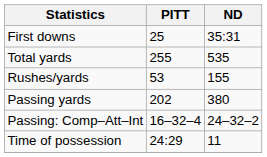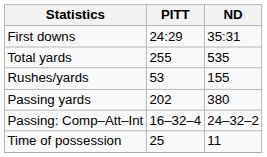 <table class="wikitable" style="float: left;">
 <tr>
 <th>Statistics</th>
 <th>PITT</th>
 <th>ND</th>
 </tr>
 <tr>
 <td>First downs</td>
-<td>25</td>
+<td>24:29</td>
 <td>35:31</td>
 </tr>
 <tr>
 <td>Total yards</td>
 <td>255</td>
 <td>535</td>
 </tr>
 <tr>
 <td>Rushes/yards</td>
 <td>53</td>
 <td>155</td>
 </tr>
 <tr>
 <td>Passing yards</td>
 <td>202</td>
 <td>380</td>
 </tr>
 <tr>
 <td>Passing: Comp–Att–Int</td>
 <td>16–32–4</td>
 <td>24–32–2</td>
 </tr>
 <tr>
 <td>Time of possession</td>
-<td>24:29</td>
+<td>25</td>
 <td>11</td>
 </tr>
 <tr>
 </tr>
 </table>
